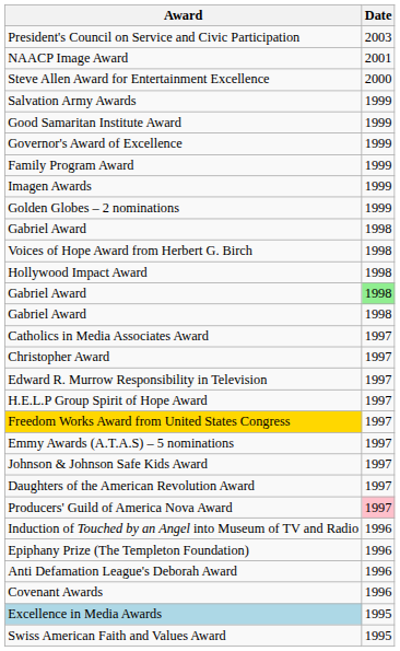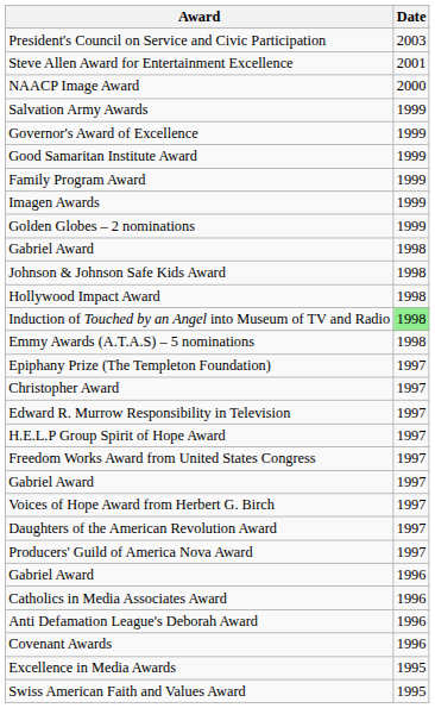 <table class="wikitable">
 <tr>
 <th>Award</th>
 <th>Date</th>
 </tr>
 <tr>
 <td>President's Council on Service and Civic Participation</td>
 <td>2003</td>
 </tr>
 <tr>
-<td>NAACP Image Award</td>
+<td>Steve Allen Award for Entertainment Excellence</td>
 <td>2001</td>
 </tr>
 <tr>
-<td>Steve Allen Award for Entertainment Excellence</td>
+<td>NAACP Image Award</td>
 <td>2000</td>
 </tr>
 <tr>
 <td>Salvation Army Awards</td>
 <td>1999</td>
 </tr>
 <tr>
-<td>Good Samaritan Institute Award</td>
+<td>Governor's Award of Excellence</td>
 <td>1999</td>
 </tr>
 <tr>
-<td>Governor's Award of Excellence</td>
+<td>Good Samaritan Institute Award</td>
 <td>1999</td>
 </tr>
 <tr>
 <td>Family Program Award</td>
 <td>1999</td>
 </tr>
 <tr>
 <td>Imagen Awards</td>
 <td>1999</td>
 </tr>
 <tr>
 <td>Golden Globes – 2 nominations</td>
 <td>1999</td>
 </tr>
 <tr>
 <td>Gabriel Award</td>
 <td>1998</td>
 </tr>
 <tr>
-<td>Voices of Hope Award from Herbert G. Birch</td>
+<td>Johnson & Johnson Safe Kids Award</td>
 <td>1998</td>
 </tr>
 <tr>
 <td>Hollywood Impact Award</td>
 <td>1998</td>
 </tr>
 <tr>
-<td>Gabriel Award</td>
+<td>Induction of <em>Touched by an Angel</em> into Museum of TV and Radio</td>
 <td style="background: lightgreen;">1998</td>
 </tr>
 <tr>
-<td>Gabriel Award</td>
+<td>Emmy Awards (A.T.A.S) – 5 nominations</td>
 <td>1998</td>
 </tr>
 <tr>
-<td>Catholics in Media Associates Award</td>
+<td>Epiphany Prize (The Templeton Foundation)</td>
 <td>1997</td>
 </tr>
 <tr>
 <td>Christopher Award</td>
 <td>1997</td>
 </tr>
 <tr>
 <td>Edward R. Murrow Responsibility in Television</td>
 <td>1997</td>
 </tr>
 <tr>
 <td>H.E.L.P Group Spirit of Hope Award</td>
 <td>1997</td>
 </tr>
 <tr>
-<td style="background: gold;">Freedom Works Award from United States Congress</td>
+<td>Freedom Works Award from United States Congress</td>
 <td>1997</td>
 </tr>
 <tr>
-<td>Emmy Awards (A.T.A.S) – 5 nominations</td>
+<td>Gabriel Award</td>
 <td>1997</td>
 </tr>
 <tr>
-<td>Johnson & Johnson Safe Kids Award</td>
+<td>Voices of Hope Award from Herbert G. Birch</td>
 <td>1997</td>
 </tr>
 <tr>
 <td>Daughters of the American Revolution Award</td>
 <td>1997</td>
 </tr>
 <tr>
 <td>Producers' Guild of America Nova Award</td>
-<td style="background: pink;">1997</td>
+<td>1997</td>
 </tr>
 <tr>
-<td>Induction of <em>Touched by an Angel</em> into Museum of TV and Radio</td>
+<td>Gabriel Award</td>
 <td>1996</td>
 </tr>
 <tr>
-<td>Epiphany Prize (The Templeton Foundation)</td>
+<td>Catholics in Media Associates Award</td>
 <td>1996</td>
 </tr>
 <tr>
 <td>Anti Defamation League's Deborah Award</td>
 <td>1996</td>
 </tr>
 <tr>
 <td>Covenant Awards</td>
 <td>1996</td>
 </tr>
 <tr>
-<td style="background: lightblue;">Excellence in Media Awards</td>
+<td>Excellence in Media Awards</td>
 <td>1995</td>
 </tr>
 <tr>
 <td>Swiss American Faith and Values Award</td>
 <td>1995</td>
 </tr>
 </table>
